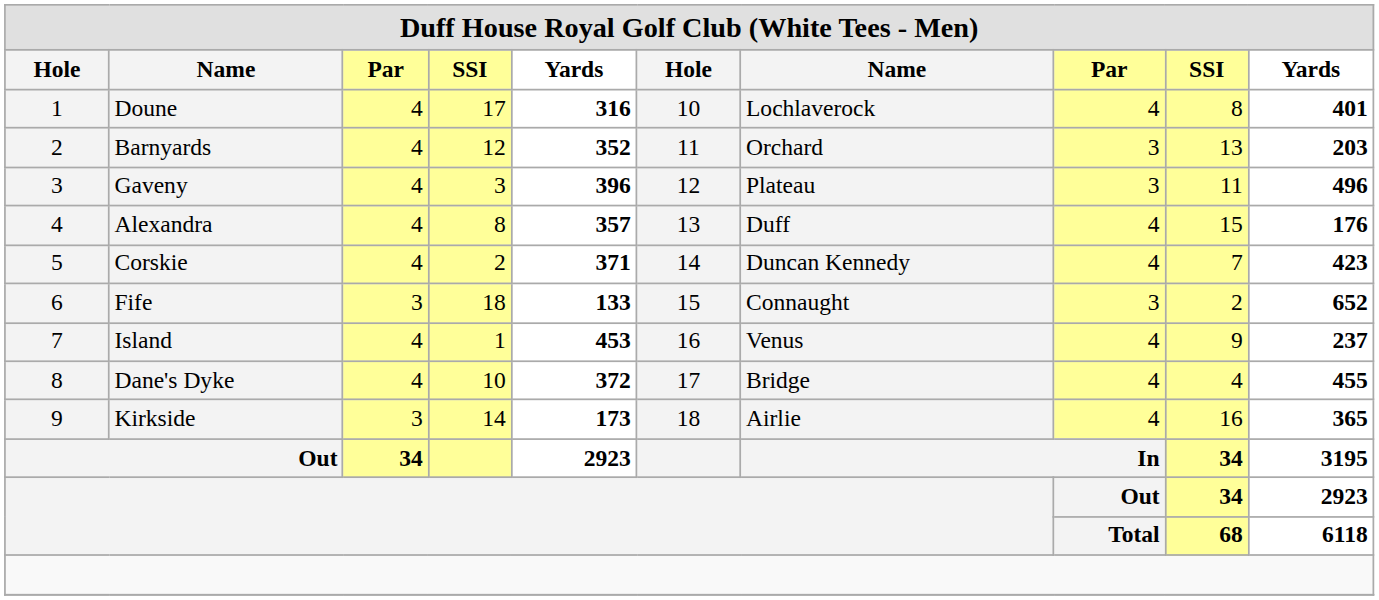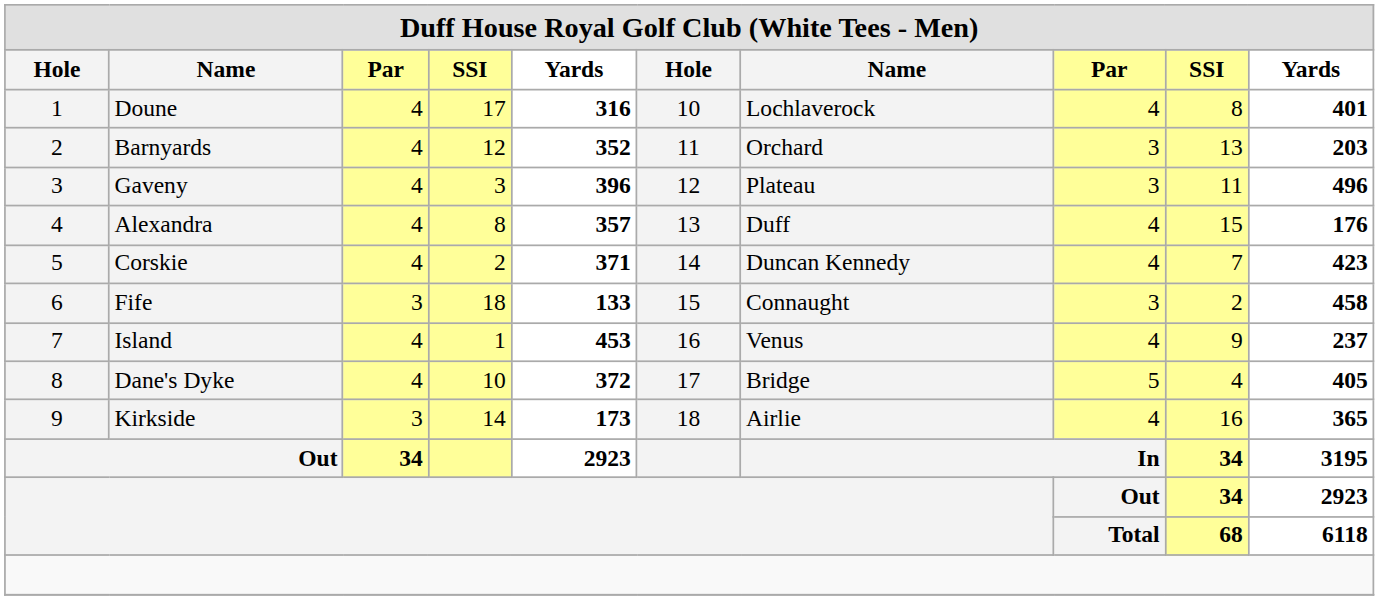 <table class="wikitable" style="font-size: 85%; margin: 1em auto 1em auto; width:50%">
 <tr>
 <td align = "center" style="background:#E0E0E0;" colspan = "10"><strong><big>Duff House Royal Golf Club (White Tees - Men)</big></strong></td>
 </tr>
 <tr>
 <td align = "center" style="background:#F3F3F3;"><strong>Hole</strong></td>
 <td align = "center" style="background:#F3F3F3;"><strong>Name</strong></td>
 <td align = "center" style="background:#FFFF99;"><strong>Par</strong></td>
 <td align = "center" style="background:#FFFF99;"><strong>SSI</strong></td>
 <td align = "center" style="background:#ffffff;"><strong>Yards</strong></td>
 <td align = "center" style="background:#F3F3F3;"><strong>Hole</strong></td>
 <td align = "center" style="background:#F3F3F3;"><strong>Name</strong></td>
 <td align = "center" style="background:#FFFF99;"><strong>Par</strong></td>
 <td align = "center" style="background:#FFFF99;"><strong>SSI</strong></td>
 <td align = "center" style="background:#ffffff;"><strong>Yards</strong></td>
 </tr>
 <tr>
 <td align = "center" style="background:#F3F3F3;">1</td>
 <td style="background:#F3F3F3;">Doune</td>
 <td align = "right" style="background:#FFFF99;">4</td>
 <td align = "right" style="background:#FFFF99;">17</td>
 <td align = "right" style="background:#ffffff;"><strong>316</strong></td>
 <td align = "center" style="background:#F3F3F3;">10</td>
 <td style="background:#F3F3F3;">Lochlaverock</td>
 <td align = "right" style="background:#FFFF99;">4</td>
 <td align = "right" style="background:#FFFF99;">8</td>
 <td align = "right" style="background:#ffffff;"><strong>401</strong></td>
 </tr>
 <tr>
 <td align = "center" style="background:#F3F3F3;">2</td>
 <td style="background:#F3F3F3;">Barnyards</td>
 <td align = "right" style="background:#FFFF99;">4</td>
 <td align = "right" style="background:#FFFF99;">12</td>
 <td align = "right" style="background:#ffffff;"><strong>352</strong></td>
 <td align = "center" style="background:#F3F3F3;">11</td>
 <td style="background:#F3F3F3;">Orchard</td>
 <td align = "right" style="background:#FFFF99;">3</td>
 <td align = "right" style="background:#FFFF99;">13</td>
 <td align = "right" style="background:#ffffff;"><strong>203</strong></td>
 </tr>
 <tr>
 <td align = "center" style="background:#F3F3F3;">3</td>
 <td style="background:#F3F3F3;">Gaveny</td>
 <td align = "right" style="background:#FFFF99;">4</td>
 <td align = "right" style="background:#FFFF99;">3</td>
 <td align = "right" style="background:#ffffff;"><strong>396</strong></td>
 <td align = "center" style="background:#F3F3F3;">12</td>
 <td style="background:#F3F3F3;">Plateau</td>
 <td align = "right" style="background:#FFFF99;">3</td>
 <td align = "right" style="background:#FFFF99;">11</td>
 <td align = "right" style="background:#ffffff;"><strong>496</strong></td>
 </tr>
 <tr>
 <td align = "center" style="background:#F3F3F3;">4</td>
 <td style="background:#F3F3F3;">Alexandra</td>
 <td align = "right" style="background:#FFFF99;">4</td>
 <td align = "right" style="background:#FFFF99;">8</td>
 <td align = "right" style="background:#ffffff;"><strong>357</strong></td>
 <td align = "center" style="background:#F3F3F3;">13</td>
 <td style="background:#F3F3F3;">Duff</td>
 <td align = "right" style="background:#FFFF99;">4</td>
 <td align = "right" style="background:#FFFF99;">15</td>
 <td align = "right" style="background:#ffffff;"><strong>176</strong></td>
 </tr>
 <tr>
 <td align = "center" style="background:#F3F3F3;">5</td>
 <td style="background:#F3F3F3;">Corskie</td>
 <td align = "right" style="background:#FFFF99;">4</td>
 <td align = "right" style="background:#FFFF99;">2</td>
 <td align = "right" style="background:#ffffff;"><strong>371</strong></td>
 <td align = "center" style="background:#F3F3F3;">14</td>
 <td style="background:#F3F3F3;">Duncan Kennedy</td>
 <td align = "right" style="background:#FFFF99;">4</td>
 <td align = "right" style="background:#FFFF99;">7</td>
 <td align = "right" style="background:#ffffff;"><strong>423</strong></td>
 </tr>
 <tr>
 <td align = "center" style="background:#F3F3F3;">6</td>
 <td style="background:#F3F3F3;">Fife</td>
 <td align = "right" style="background:#FFFF99;">3</td>
 <td align = "right" style="background:#FFFF99;">18</td>
 <td align = "right" style="background:#ffffff;"><strong>133</strong></td>
 <td align = "center" style="background:#F3F3F3;">15</td>
 <td style="background:#F3F3F3;">Connaught</td>
 <td align = "right" style="background:#FFFF99;">3</td>
 <td align = "right" style="background:#FFFF99;">2</td>
-<td align = "right" style="background:#ffffff;"><strong>652</strong></td>
+<td align = "right" style="background:#ffffff;"><strong>458</strong></td>
 </tr>
 <tr>
 <td align = "center" style="background:#F3F3F3;">7</td>
 <td style="background:#F3F3F3;">Island</td>
 <td align = "right" style="background:#FFFF99;">4</td>
 <td align = "right" style="background:#FFFF99;">1</td>
 <td align = "right" style="background:#ffffff;"><strong>453</strong></td>
 <td align = "center" style="background:#F3F3F3;">16</td>
 <td style="background:#F3F3F3;">Venus</td>
 <td align = "right" style="background:#FFFF99;">4</td>
 <td align = "right" style="background:#FFFF99;">9</td>
 <td align = "right" style="background:#ffffff;"><strong>237</strong></td>
 </tr>
 <tr>
 <td align = "center" style="background:#F3F3F3;">8</td>
 <td style="background:#F3F3F3;">Dane's Dyke</td>
 <td align = "right" style="background:#FFFF99;">4</td>
 <td align = "right" style="background:#FFFF99;">10</td>
 <td align = "right" style="background:#ffffff;"><strong>372</strong></td>
 <td align = "center" style="background:#F3F3F3;">17</td>
 <td style="background:#F3F3F3;">Bridge</td>
+<td align = "right" style="background:#FFFF99;">5</td>
 <td align = "right" style="background:#FFFF99;">4</td>
-<td align = "right" style="background:#FFFF99;">4</td>
-<td align = "right" style="background:#ffffff;"><strong>455</strong></td>
+<td align = "right" style="background:#ffffff;"><strong>405</strong></td>
 </tr>
 <tr>
 <td align = "center" style="background:#F3F3F3;">9</td>
 <td style="background:#F3F3F3;">Kirkside</td>
 <td align = "right" style="background:#FFFF99;">3</td>
 <td align = "right" style="background:#FFFF99;">14</td>
 <td align = "right" style="background:#ffffff;"><strong>173</strong></td>
 <td align = "center" style="background:#F3F3F3;">18</td>
 <td style="background:#F3F3F3;">Airlie</td>
 <td align = "right" style="background:#FFFF99;">4</td>
 <td align = "right" style="background:#FFFF99;">16</td>
 <td align = "right" style="background:#ffffff;"><strong>365</strong></td>
 </tr>
 <tr>
 <td align = "right" style="background:#F3F3F3;" colspan = "2"><strong>Out</strong></td>
 <td align = "right" style="background:#FFFF99;"><strong>34</strong></td>
 <td align = "right" style="background:#FFFF99;"> </td>
 <td align = "right" style="background:#ffffff;"><strong>2923</strong></td>
 <td style="background:#F3F3F3;"> </td>
 <td align = "right" style="background:#F3F3F3;" colspan = "2"><strong>In</strong></td>
 <td align = "right" style="background:#FFFF99;"><strong>34</strong></td>
 <td align = "right" style="background:#ffffff;"><strong>3195</strong></td>
 </tr>
 <tr>
 <td style="background:#F3F3F3;" colspan = "7" rowspan = "2"> </td>
 <td align = "right" style="background:#F3F3F3;"><strong>Out</strong></td>
 <td align = "right" style="background:#FFFF99;"><strong>34</strong></td>
 <td align = "right" style="background:#ffffff;"><strong>2923</strong></td>
 </tr>
 <tr>
 <td align = "right" style="background:#F3F3F3;"><strong>Total</strong></td>
 <td align = "right" style="background:#FFFF99;"><strong>68</strong></td>
 <td align = "right" style="background:#ffffff;"><strong>6118</strong></td>
 </tr>
 <tr>
 <td align = "right" colspan = "10"> </td>
 </tr>
 <tr>
 </tr>
 </table>
